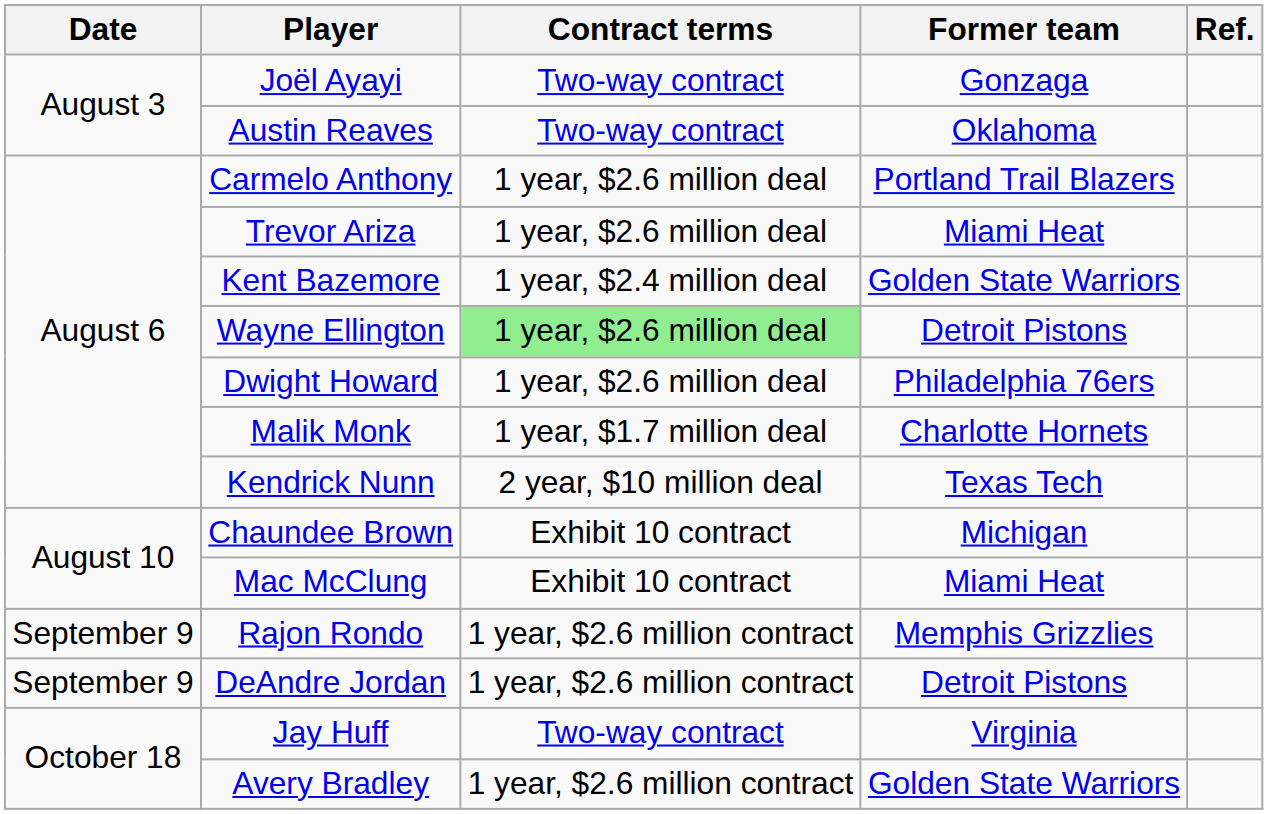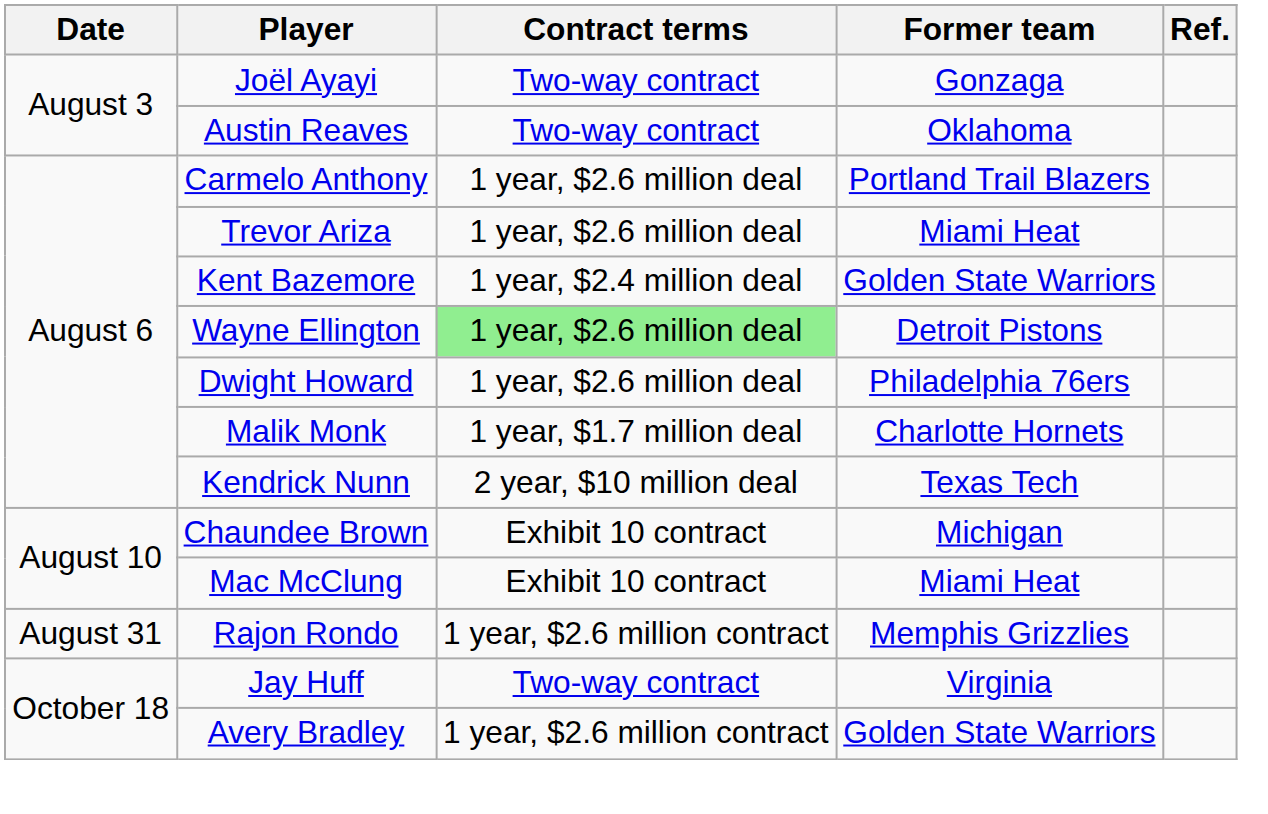 <table class="wikitable sortable sortable" style="text-align: center">
 <tr>
 <th>Date</th>
 <th>Player</th>
 <th>Contract terms</th>
 <th>Former team</th>
 <th>Ref.</th>
 </tr>
 <tr>
 <td rowspan="2">August 3</td>
 <td><a href='#'>Joël Ayayi</a></td>
 <td><a href='#'>Two-way contract</a></td>
 <td><a href='#'>Gonzaga</a></td>
 <td></td>
 </tr>
 <tr>
 <td><a href='#'>Austin Reaves</a></td>
 <td><a href='#'>Two-way contract</a></td>
 <td><a href='#'>Oklahoma</a></td>
 <td></td>
 </tr>
 <tr>
 <td rowspan="7">August 6</td>
 <td><a href='#'>Carmelo Anthony</a></td>
 <td>1 year, $2.6 million deal</td>
 <td><a href='#'>Portland Trail Blazers</a></td>
 <td></td>
 </tr>
 <tr>
 <td><a href='#'>Trevor Ariza</a></td>
 <td>1 year, $2.6 million deal</td>
 <td><a href='#'>Miami Heat</a></td>
 <td></td>
 </tr>
 <tr>
 <td><a href='#'>Kent Bazemore</a></td>
 <td>1 year, $2.4 million deal</td>
 <td><a href='#'>Golden State Warriors</a></td>
 <td></td>
 </tr>
 <tr>
 <td><a href='#'>Wayne Ellington</a></td>
 <td style="background: lightgreen;">1 year, $2.6 million deal</td>
 <td><a href='#'>Detroit Pistons</a></td>
 <td></td>
 </tr>
 <tr>
 <td><a href='#'>Dwight Howard</a></td>
 <td>1 year, $2.6 million deal</td>
 <td><a href='#'>Philadelphia 76ers</a></td>
 <td></td>
 </tr>
 <tr>
 <td><a href='#'>Malik Monk</a></td>
 <td>1 year, $1.7 million deal</td>
 <td><a href='#'>Charlotte Hornets</a></td>
 <td></td>
 </tr>
 <tr>
 <td><a href='#'>Kendrick Nunn</a></td>
 <td>2 year, $10 million deal</td>
 <td><a href='#'>Texas Tech</a></td>
 <td></td>
 </tr>
 <tr>
 <td rowspan="2">August 10</td>
 <td><a href='#'>Chaundee Brown</a></td>
 <td>Exhibit 10 contract</td>
 <td><a href='#'>Michigan</a></td>
 <td></td>
 </tr>
 <tr>
 <td><a href='#'>Mac McClung</a></td>
 <td>Exhibit 10 contract</td>
 <td><a href='#'>Miami Heat</a></td>
 <td></td>
 </tr>
 <tr>
-<td>September 9</td>
+<td>August 31</td>
 <td><a href='#'>Rajon Rondo</a></td>
 <td>1 year, $2.6 million contract</td>
 <td><a href='#'>Memphis Grizzlies</a></td>
-<td></td>
-</tr>
-<tr>
-<td>September 9</td>
-<td><a href='#'>DeAndre Jordan</a></td>
-<td>1 year, $2.6 million contract</td>
-<td><a href='#'>Detroit Pistons</a></td>
 <td></td>
 </tr>
 <tr>
 <td rowspan="2">October 18</td>
 <td><a href='#'>Jay Huff</a></td>
 <td><a href='#'>Two-way contract</a></td>
 <td><a href='#'>Virginia</a></td>
 <td></td>
 </tr>
 <tr>
 <td><a href='#'>Avery Bradley</a></td>
 <td>1 year, $2.6 million contract</td>
 <td><a href='#'>Golden State Warriors</a></td>
 <td></td>
 </tr>
 </table>
